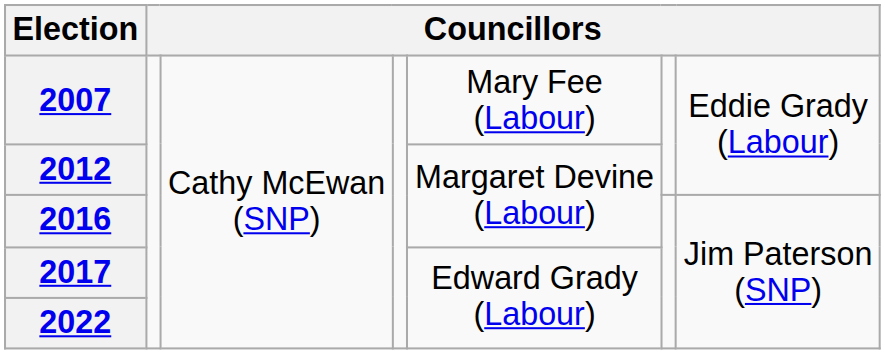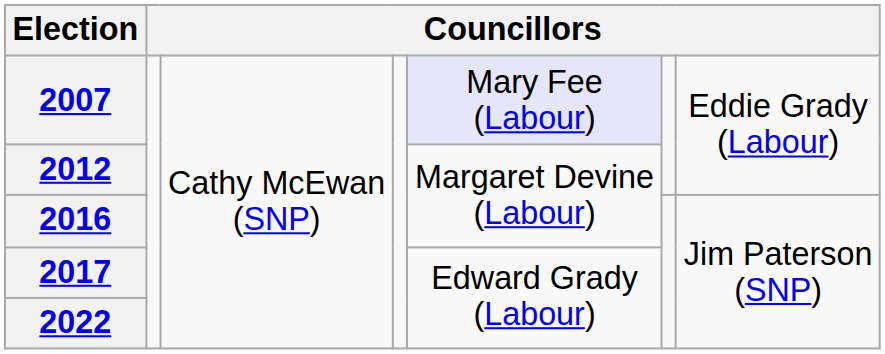 <table class="wikitable" style="text-align:center">
 <tr>
 <th>Election</th>
 <th colspan=8>Councillors</th>
 </tr>
 <tr>
 <th><a href='#'>2007</a></th>
 <td rowspan=5 style="color:inherit;background-color: "></td>
 <td rowspan=5>Cathy McEwan<br>(<a href='#'>SNP</a>)</td>
 <td rowspan=5 style="color:inherit;background-color: "></td>
-<td rowspan=1>Mary Fee<br>(<a href='#'>Labour</a>)</td>
+<td rowspan=1 style="background: lavender;">Mary Fee<br>(<a href='#'>Labour</a>)</td>
 <td rowspan=2 style="color:inherit;background-color: "></td>
 <td rowspan=2>Eddie Grady<br>(<a href='#'>Labour</a>)</td>
 </tr>
 <tr>
 <th><a href='#'>2012</a></th>
 <td rowspan=2>Margaret Devine<br>(<a href='#'>Labour</a>)</td>
 </tr>
 <tr>
 <th><a href='#'>2016</a></th>
 <td rowspan=3 style="color:inherit;background-color: "></td>
 <td rowspan=3>Jim Paterson<br>(<a href='#'>SNP</a>)</td>
 </tr>
 <tr>
 <th><a href='#'>2017</a></th>
 <td rowspan=2>Edward Grady<br>(<a href='#'>Labour</a>)</td>
 </tr>
 <tr>
 <th><a href='#'>2022</a></th>
 </tr>
 </table>
